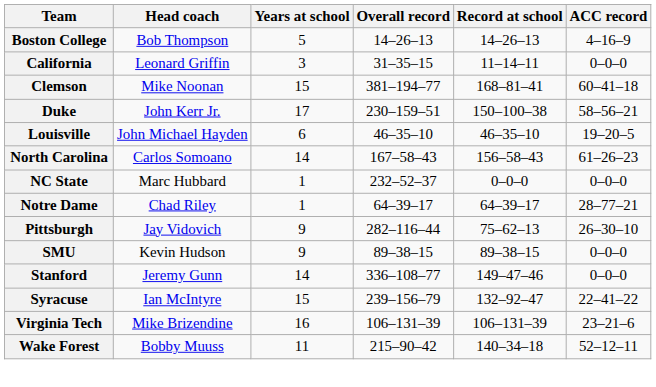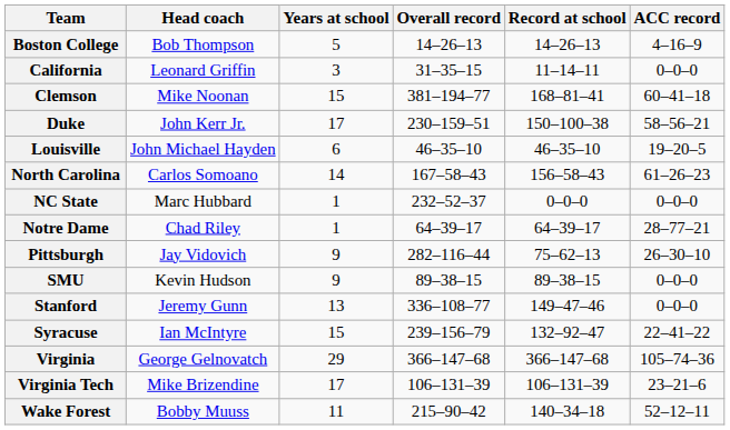 <table class="wikitable sortable" style="text-align: center;">
 <tr>
 <th width="110">Team</th>
 <th>Head coach</th>
 <th>Years at school</th>
 <th>Overall record</th>
 <th>Record at school</th>
 <th>ACC record</th>
 </tr>
 <tr>
 <th>Boston College</th>
 <td><a href='#'>Bob Thompson</a></td>
 <td>5</td>
 <td>14–26–13</td>
 <td>14–26–13</td>
 <td>4–16–9</td>
 </tr>
 <tr>
 <th>California</th>
 <td><a href='#'>Leonard Griffin</a></td>
 <td>3</td>
 <td>31–35–15</td>
 <td>11–14–11</td>
 <td>0–0–0</td>
 </tr>
 <tr>
 <th>Clemson</th>
 <td><a href='#'>Mike Noonan</a></td>
 <td>15</td>
 <td>381–194–77</td>
 <td>168–81–41</td>
 <td>60–41–18</td>
 </tr>
 <tr>
 <th>Duke</th>
 <td><a href='#'>John Kerr Jr.</a></td>
 <td>17</td>
 <td>230–159–51</td>
 <td>150–100–38</td>
 <td>58–56–21</td>
 </tr>
 <tr>
 <th>Louisville</th>
 <td><a href='#'>John Michael Hayden</a></td>
 <td>6</td>
 <td>46–35–10</td>
 <td>46–35–10</td>
 <td>19–20–5</td>
 </tr>
 <tr>
 <th>North Carolina</th>
 <td><a href='#'>Carlos Somoano</a></td>
 <td>14</td>
 <td>167–58–43</td>
 <td>156–58–43</td>
 <td>61–26–23</td>
 </tr>
 <tr>
 <th>NC State</th>
 <td>Marc Hubbard</td>
 <td>1</td>
 <td>232–52–37</td>
 <td>0–0–0</td>
 <td>0–0–0</td>
 </tr>
 <tr>
 <th>Notre Dame</th>
 <td><a href='#'>Chad Riley</a></td>
 <td>1</td>
 <td>64–39–17</td>
 <td>64–39–17</td>
 <td>28–77–21</td>
 </tr>
 <tr>
 <th>Pittsburgh</th>
 <td><a href='#'>Jay Vidovich</a></td>
 <td>9</td>
 <td>282–116–44</td>
 <td>75–62–13</td>
 <td>26–30–10</td>
 </tr>
 <tr>
 <th>SMU</th>
 <td>Kevin Hudson</td>
 <td>9</td>
 <td>89–38–15</td>
 <td>89–38–15</td>
 <td>0–0–0</td>
 </tr>
 <tr>
 <th>Stanford</th>
 <td><a href='#'>Jeremy Gunn</a></td>
-<td>14</td>
+<td>13</td>
 <td>336–108–77</td>
 <td>149–47–46</td>
 <td>0–0–0</td>
 </tr>
 <tr>
 <th>Syracuse</th>
 <td><a href='#'>Ian McIntyre</a></td>
 <td>15</td>
 <td>239–156–79</td>
 <td>132–92–47</td>
 <td>22–41–22</td>
 </tr>
 <tr>
+<th>Virginia</th>
+<td><a href='#'>George Gelnovatch</a></td>
+<td>29</td>
+<td>366–147–68</td>
+<td>366–147–68</td>
+<td>105–74–36</td>
+</tr>
+<tr>
 <th>Virginia Tech</th>
 <td><a href='#'>Mike Brizendine</a></td>
-<td>16</td>
+<td>17</td>
 <td>106–131–39</td>
 <td>106–131–39</td>
 <td>23–21–6</td>
 </tr>
 <tr>
 <th>Wake Forest</th>
 <td><a href='#'>Bobby Muuss</a></td>
 <td>11</td>
 <td>215–90–42</td>
 <td>140–34–18</td>
 <td>52–12–11</td>
 </tr>
 </table>
